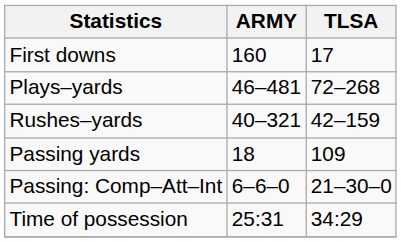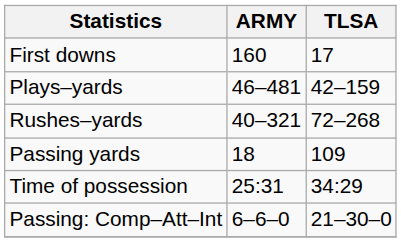 <table class="wikitable" style="float: left;">
 <tr>
 <th>Statistics</th>
 <th>ARMY</th>
 <th>TLSA</th>
 </tr>
 <tr>
 <td>First downs</td>
 <td>160</td>
 <td>17</td>
 </tr>
 <tr>
 <td>Plays–yards</td>
 <td>46–481</td>
-<td>72–268</td>
+<td>42–159</td>
 </tr>
 <tr>
 <td>Rushes–yards</td>
 <td>40–321</td>
-<td>42–159</td>
+<td>72–268</td>
 </tr>
 <tr>
 <td>Passing yards</td>
 <td>18</td>
 <td>109</td>
 </tr>
 <tr>
+<td>Time of possession</td>
+<td>25:31</td>
+<td>34:29</td>
+</tr>
+<tr>
 <td>Passing: Comp–Att–Int</td>
 <td>6–6–0</td>
 <td>21–30–0</td>
 </tr>
 <tr>
-<td>Time of possession</td>
-<td>25:31</td>
-<td>34:29</td>
-</tr>
-<tr>
 </tr>
 </table>
